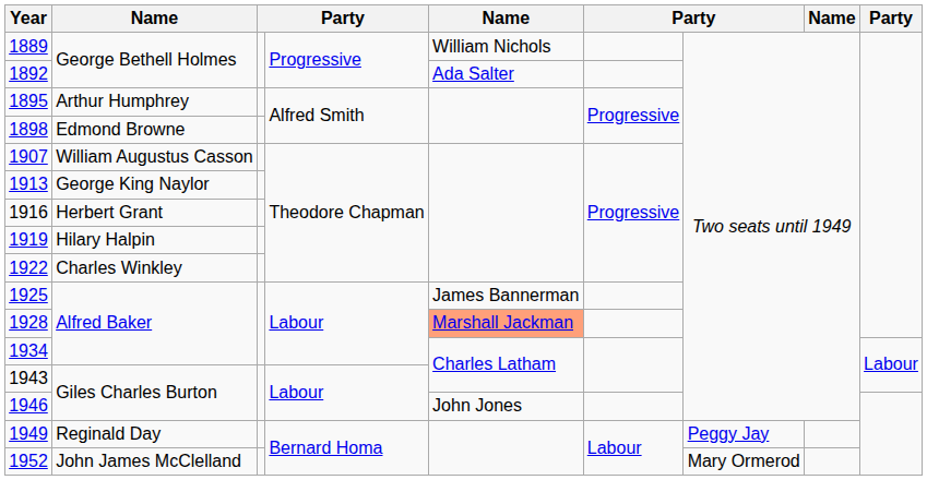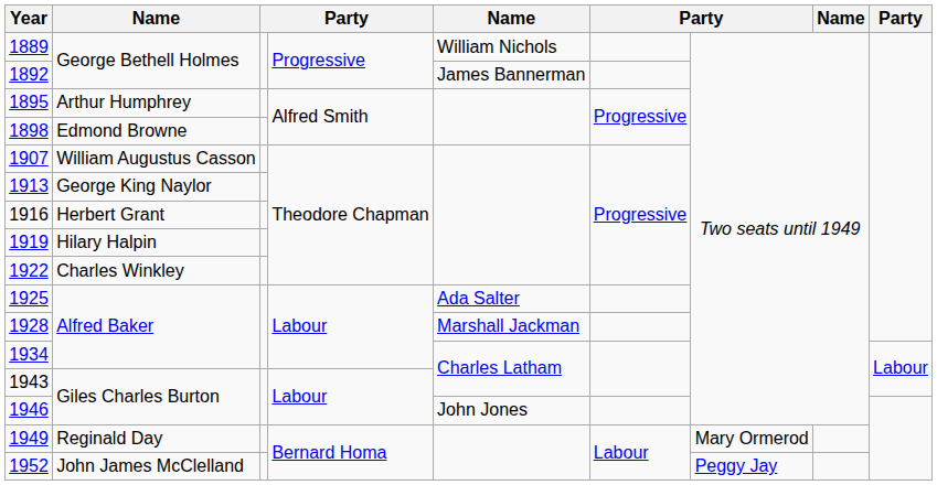 <table class="wikitable">
 <tr>
 <th>Year</th>
 <th>Name</th>
 <th colspan=2>Party</th>
 <th>Name</th>
 <th colspan=2>Party</th>
 <th>Name</th>
 <th colspan=2>Party</th>
 </tr>
 <tr>
 <td><a href='#'>1889</a></td>
 <td rowspan=2>George Bethell Holmes</td>
 <td rowspan=2 style="background-color: "></td>
 <td rowspan=2><a href='#'>Progressive</a></td>
 <td>William Nichols</td>
 <td></td>
 <td rowspan=14 colspan=3 align="center"><em>Two seats until 1949</em></td>
 </tr>
 <tr>
 <td><a href='#'>1892</a></td>
-<td><a href='#'>Ada Salter</a></td>
+<td>James Bannerman</td>
 <td></td>
 </tr>
 <tr>
 <td><a href='#'>1895</a></td>
 <td>Arthur Humphrey</td>
 <td></td>
 <td rowspan=2>Alfred Smith</td>
 <td rowspan=2 style="background-color: "></td>
 <td rowspan=2><a href='#'>Progressive</a></td>
 </tr>
 <tr>
 <td><a href='#'>1898</a></td>
 <td>Edmond Browne</td>
 <td></td>
 </tr>
 <tr>
 <td><a href='#'>1907</a></td>
 <td>William Augustus Casson</td>
 <td></td>
 <td rowspan=5>Theodore Chapman</td>
 <td rowspan=5 style="background-color: "></td>
 <td rowspan=5><a href='#'>Progressive</a></td>
 </tr>
 <tr>
 <td><a href='#'>1913</a></td>
 <td>George King Naylor</td>
 <td></td>
 </tr>
 <tr>
 <td>1916</td>
 <td>Herbert Grant</td>
 <td></td>
 </tr>
 <tr>
 <td><a href='#'>1919</a></td>
 <td>Hilary Halpin</td>
 <td></td>
 </tr>
 <tr>
 <td><a href='#'>1922</a></td>
 <td>Charles Winkley</td>
 <td></td>
 </tr>
 <tr>
 <td><a href='#'>1925</a></td>
 <td rowspan=3><a href='#'>Alfred Baker</a></td>
 <td rowspan=3 style="background-color: "></td>
 <td rowspan=3><a href='#'>Labour</a></td>
-<td>James Bannerman</td>
+<td><a href='#'>Ada Salter</a></td>
 <td></td>
 </tr>
 <tr>
 <td><a href='#'>1928</a></td>
-<td style="background: lightsalmon;"><a href='#'>Marshall Jackman</a></td>
+<td><a href='#'>Marshall Jackman</a></td>
 <td></td>
 </tr>
 <tr>
 <td><a href='#'>1934</a></td>
 <td rowspan=2><a href='#'>Charles Latham</a></td>
 <td rowspan=2 style="background-color: "></td>
 <td rowspan=2><a href='#'>Labour</a></td>
 </tr>
 <tr>
 <td>1943</td>
 <td rowspan=2>Giles Charles Burton</td>
 <td rowspan=2 style="background-color: "></td>
 <td rowspan=2><a href='#'>Labour</a></td>
 </tr>
 <tr>
 <td><a href='#'>1946</a></td>
 <td>John Jones</td>
 <td></td>
 </tr>
 <tr>
 <td><a href='#'>1949</a></td>
 <td>Reginald Day</td>
 <td></td>
 <td rowspan=2><a href='#'>Bernard Homa</a></td>
 <td rowspan=2 style="background-color: "></td>
 <td rowspan=2><a href='#'>Labour</a></td>
-<td><a href='#'>Peggy Jay</a></td>
+<td>Mary Ormerod</td>
 <td></td>
 </tr>
 <tr>
 <td><a href='#'>1952</a></td>
 <td>John James McClelland</td>
 <td></td>
-<td>Mary Ormerod</td>
+<td><a href='#'>Peggy Jay</a></td>
 <td></td>
 </tr>
 </table>
